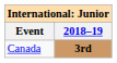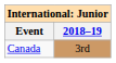 <table class="wikitable" style="text-align:center">
 <tr>
 <th style="background-color: #ffdead; " colspan=2 align=center>International: Junior</th>
 </tr>
 <tr>
 <th>Event</th>
 <th><a href='#'>2018–19</a></th>
 </tr>
 <tr>
 <td align=left> <a href='#'>Canada</a></td>
-<td bgcolor=cc9966><strong>3rd</strong></td>
+<td bgcolor=cc9966>3rd</td>
 </tr>
 </table>
